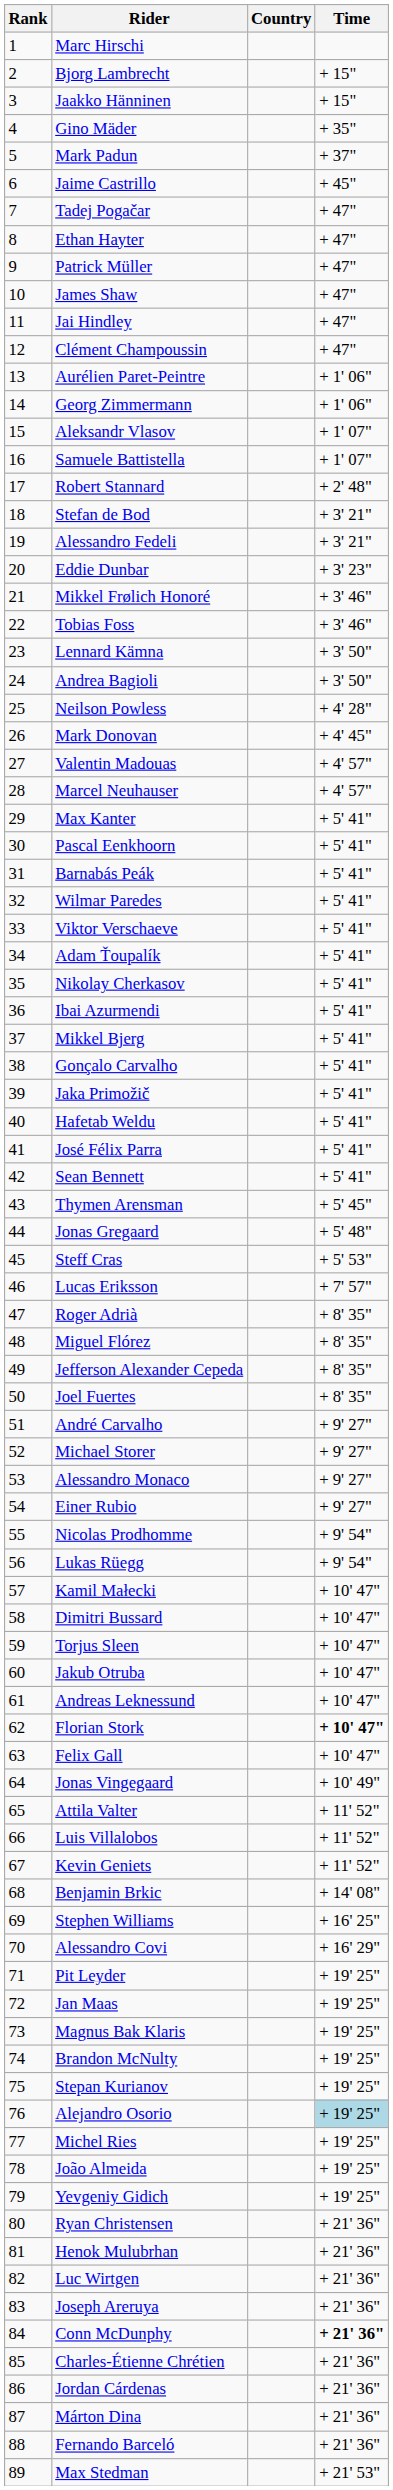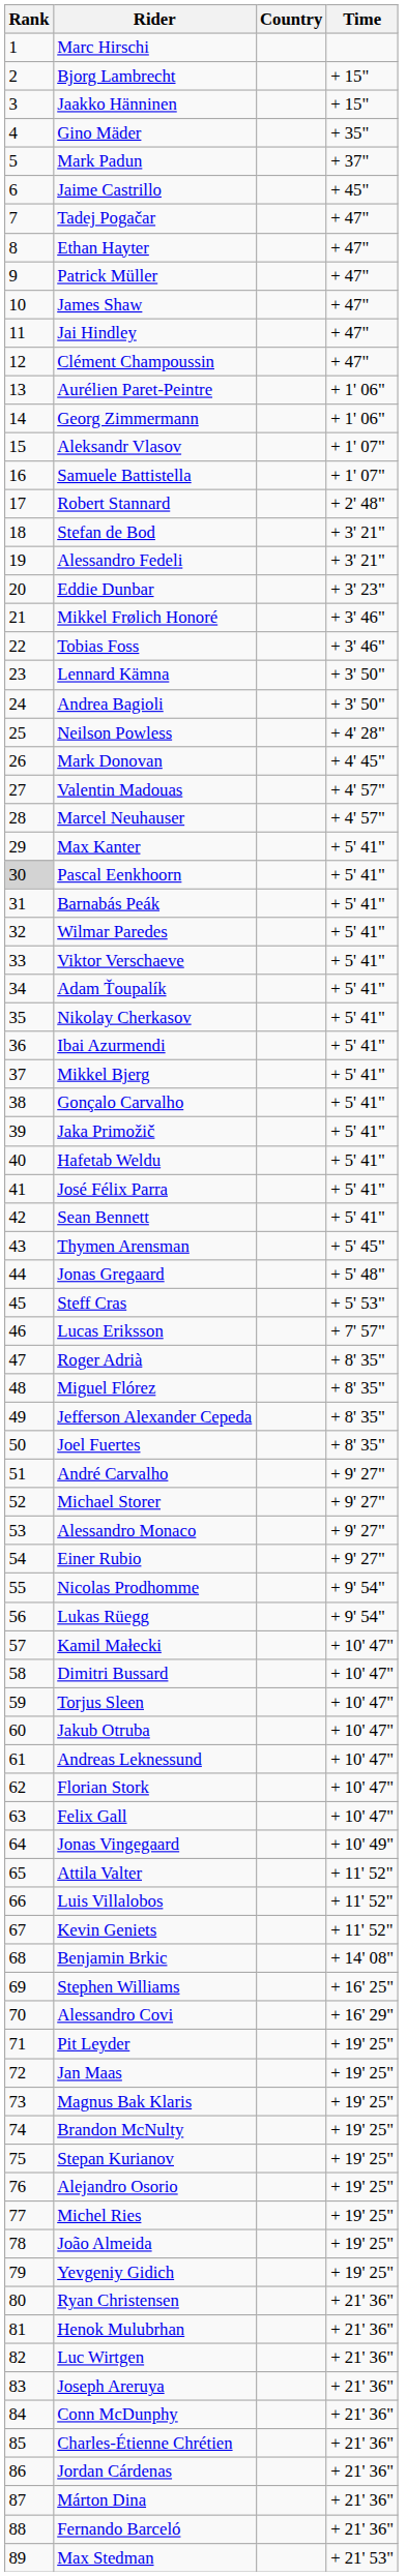 <table class="wikitable" style="font-size:95%; text-align:left;">
 <tr>
 <th>Rank</th>
 <th>Rider</th>
 <th>Country</th>
 <th>Time</th>
 </tr>
 <tr>
 <td>1</td>
 <td><a href='#'>Marc Hirschi</a></td>
 <td></td>
 <td></td>
 </tr>
 <tr>
 <td>2</td>
 <td><a href='#'>Bjorg Lambrecht</a></td>
 <td></td>
 <td>+ 15"</td>
 </tr>
 <tr>
 <td>3</td>
 <td><a href='#'>Jaakko Hänninen</a></td>
 <td></td>
 <td>+ 15"</td>
 </tr>
 <tr>
 <td>4</td>
 <td><a href='#'>Gino Mäder</a></td>
 <td></td>
 <td>+ 35"</td>
 </tr>
 <tr>
 <td>5</td>
 <td><a href='#'>Mark Padun</a></td>
 <td></td>
 <td>+ 37"</td>
 </tr>
 <tr>
 <td>6</td>
 <td><a href='#'>Jaime Castrillo</a></td>
 <td></td>
 <td>+ 45"</td>
 </tr>
 <tr>
 <td>7</td>
 <td><a href='#'>Tadej Pogačar</a></td>
 <td></td>
 <td>+ 47"</td>
 </tr>
 <tr>
 <td>8</td>
 <td><a href='#'>Ethan Hayter</a></td>
 <td></td>
 <td>+ 47"</td>
 </tr>
 <tr>
 <td>9</td>
 <td><a href='#'>Patrick Müller</a></td>
 <td></td>
 <td>+ 47"</td>
 </tr>
 <tr>
 <td>10</td>
 <td><a href='#'>James Shaw</a></td>
 <td></td>
 <td>+ 47"</td>
 </tr>
 <tr>
 <td>11</td>
 <td><a href='#'>Jai Hindley</a></td>
 <td></td>
 <td>+ 47"</td>
 </tr>
 <tr>
 <td>12</td>
 <td><a href='#'>Clément Champoussin</a></td>
 <td></td>
 <td>+ 47"</td>
 </tr>
 <tr>
 <td>13</td>
 <td><a href='#'>Aurélien Paret-Peintre</a></td>
 <td></td>
 <td>+ 1' 06"</td>
 </tr>
 <tr>
 <td>14</td>
 <td><a href='#'>Georg Zimmermann</a></td>
 <td></td>
 <td>+ 1' 06"</td>
 </tr>
 <tr>
 <td>15</td>
 <td><a href='#'>Aleksandr Vlasov</a></td>
 <td></td>
 <td>+ 1' 07"</td>
 </tr>
 <tr>
 <td>16</td>
 <td><a href='#'>Samuele Battistella</a></td>
 <td></td>
 <td>+ 1' 07"</td>
 </tr>
 <tr>
 <td>17</td>
 <td><a href='#'>Robert Stannard</a></td>
 <td></td>
 <td>+ 2' 48"</td>
 </tr>
 <tr>
 <td>18</td>
 <td><a href='#'>Stefan de Bod</a></td>
 <td></td>
 <td>+ 3' 21"</td>
 </tr>
 <tr>
 <td>19</td>
 <td><a href='#'>Alessandro Fedeli</a></td>
 <td></td>
 <td>+ 3' 21"</td>
 </tr>
 <tr>
 <td>20</td>
 <td><a href='#'>Eddie Dunbar</a></td>
 <td></td>
 <td>+ 3' 23"</td>
 </tr>
 <tr>
 <td>21</td>
 <td><a href='#'>Mikkel Frølich Honoré</a></td>
 <td></td>
 <td>+ 3' 46"</td>
 </tr>
 <tr>
 <td>22</td>
 <td><a href='#'>Tobias Foss</a></td>
 <td></td>
 <td>+ 3' 46"</td>
 </tr>
 <tr>
 <td>23</td>
 <td><a href='#'>Lennard Kämna</a></td>
 <td></td>
 <td>+ 3' 50"</td>
 </tr>
 <tr>
 <td>24</td>
 <td><a href='#'>Andrea Bagioli</a></td>
 <td></td>
 <td>+ 3' 50"</td>
 </tr>
 <tr>
 <td>25</td>
 <td><a href='#'>Neilson Powless</a></td>
 <td></td>
 <td>+ 4' 28"</td>
 </tr>
 <tr>
 <td>26</td>
 <td><a href='#'>Mark Donovan</a></td>
 <td></td>
 <td>+ 4' 45"</td>
 </tr>
 <tr>
 <td>27</td>
 <td><a href='#'>Valentin Madouas</a></td>
 <td></td>
 <td>+ 4' 57"</td>
 </tr>
 <tr>
 <td>28</td>
 <td><a href='#'>Marcel Neuhauser</a></td>
 <td></td>
 <td>+ 4' 57"</td>
 </tr>
 <tr>
 <td>29</td>
 <td><a href='#'>Max Kanter</a></td>
 <td></td>
 <td>+ 5' 41"</td>
 </tr>
 <tr>
-<td>30</td>
+<td style="background: lightgrey;">30</td>
 <td><a href='#'>Pascal Eenkhoorn</a></td>
 <td></td>
 <td>+ 5' 41"</td>
 </tr>
 <tr>
 <td>31</td>
 <td><a href='#'>Barnabás Peák</a></td>
 <td></td>
 <td>+ 5' 41"</td>
 </tr>
 <tr>
 <td>32</td>
 <td><a href='#'>Wilmar Paredes</a></td>
 <td></td>
 <td>+ 5' 41"</td>
 </tr>
 <tr>
 <td>33</td>
 <td><a href='#'>Viktor Verschaeve</a></td>
 <td></td>
 <td>+ 5' 41"</td>
 </tr>
 <tr>
 <td>34</td>
 <td><a href='#'>Adam Ťoupalík</a></td>
 <td></td>
 <td>+ 5' 41"</td>
 </tr>
 <tr>
 <td>35</td>
 <td><a href='#'>Nikolay Cherkasov</a></td>
 <td></td>
 <td>+ 5' 41"</td>
 </tr>
 <tr>
 <td>36</td>
 <td><a href='#'>Ibai Azurmendi</a></td>
 <td></td>
 <td>+ 5' 41"</td>
 </tr>
 <tr>
 <td>37</td>
 <td><a href='#'>Mikkel Bjerg</a></td>
 <td></td>
 <td>+ 5' 41"</td>
 </tr>
 <tr>
 <td>38</td>
 <td><a href='#'>Gonçalo Carvalho</a></td>
 <td></td>
 <td>+ 5' 41"</td>
 </tr>
 <tr>
 <td>39</td>
 <td><a href='#'>Jaka Primožič</a></td>
 <td></td>
 <td>+ 5' 41"</td>
 </tr>
 <tr>
 <td>40</td>
 <td><a href='#'>Hafetab Weldu</a></td>
 <td></td>
 <td>+ 5' 41"</td>
 </tr>
 <tr>
 <td>41</td>
 <td><a href='#'>José Félix Parra</a></td>
 <td></td>
 <td>+ 5' 41"</td>
 </tr>
 <tr>
 <td>42</td>
 <td><a href='#'>Sean Bennett</a></td>
 <td></td>
 <td>+ 5' 41"</td>
 </tr>
 <tr>
 <td>43</td>
 <td><a href='#'>Thymen Arensman</a></td>
 <td></td>
 <td>+ 5' 45"</td>
 </tr>
 <tr>
 <td>44</td>
 <td><a href='#'>Jonas Gregaard</a></td>
 <td></td>
 <td>+ 5' 48"</td>
 </tr>
 <tr>
 <td>45</td>
 <td><a href='#'>Steff Cras</a></td>
 <td></td>
 <td>+ 5' 53"</td>
 </tr>
 <tr>
 <td>46</td>
 <td><a href='#'>Lucas Eriksson</a></td>
 <td></td>
 <td>+ 7' 57"</td>
 </tr>
 <tr>
 <td>47</td>
 <td><a href='#'>Roger Adrià</a></td>
 <td></td>
 <td>+ 8' 35"</td>
 </tr>
 <tr>
 <td>48</td>
 <td><a href='#'>Miguel Flórez</a></td>
 <td></td>
 <td>+ 8' 35"</td>
 </tr>
 <tr>
 <td>49</td>
 <td><a href='#'>Jefferson Alexander Cepeda</a></td>
 <td></td>
 <td>+ 8' 35"</td>
 </tr>
 <tr>
 <td>50</td>
 <td><a href='#'>Joel Fuertes</a></td>
 <td></td>
 <td>+ 8' 35"</td>
 </tr>
 <tr>
 <td>51</td>
 <td><a href='#'>André Carvalho</a></td>
 <td></td>
 <td>+ 9' 27"</td>
 </tr>
 <tr>
 <td>52</td>
 <td><a href='#'>Michael Storer</a></td>
 <td></td>
 <td>+ 9' 27"</td>
 </tr>
 <tr>
 <td>53</td>
 <td><a href='#'>Alessandro Monaco</a></td>
 <td></td>
 <td>+ 9' 27"</td>
 </tr>
 <tr>
 <td>54</td>
 <td><a href='#'>Einer Rubio</a></td>
 <td></td>
 <td>+ 9' 27"</td>
 </tr>
 <tr>
 <td>55</td>
 <td><a href='#'>Nicolas Prodhomme</a></td>
 <td></td>
 <td>+ 9' 54"</td>
 </tr>
 <tr>
 <td>56</td>
 <td><a href='#'>Lukas Rüegg</a></td>
 <td></td>
 <td>+ 9' 54"</td>
 </tr>
 <tr>
 <td>57</td>
 <td><a href='#'>Kamil Małecki</a></td>
 <td></td>
 <td>+ 10' 47"</td>
 </tr>
 <tr>
 <td>58</td>
 <td><a href='#'>Dimitri Bussard</a></td>
 <td></td>
 <td>+ 10' 47"</td>
 </tr>
 <tr>
 <td>59</td>
 <td><a href='#'>Torjus Sleen</a></td>
 <td></td>
 <td>+ 10' 47"</td>
 </tr>
 <tr>
 <td>60</td>
 <td><a href='#'>Jakub Otruba</a></td>
 <td></td>
 <td>+ 10' 47"</td>
 </tr>
 <tr>
 <td>61</td>
 <td><a href='#'>Andreas Leknessund</a></td>
 <td></td>
 <td>+ 10' 47"</td>
 </tr>
 <tr>
 <td>62</td>
 <td><a href='#'>Florian Stork</a></td>
 <td></td>
-<td><strong>+ 10' 47"</strong></td>
+<td>+ 10' 47"</td>
 </tr>
 <tr>
 <td>63</td>
 <td><a href='#'>Felix Gall</a></td>
 <td></td>
 <td>+ 10' 47"</td>
 </tr>
 <tr>
 <td>64</td>
 <td><a href='#'>Jonas Vingegaard</a></td>
 <td></td>
 <td>+ 10' 49"</td>
 </tr>
 <tr>
 <td>65</td>
 <td><a href='#'>Attila Valter</a></td>
 <td></td>
 <td>+ 11' 52"</td>
 </tr>
 <tr>
 <td>66</td>
 <td><a href='#'>Luis Villalobos</a></td>
 <td></td>
 <td>+ 11' 52"</td>
 </tr>
 <tr>
 <td>67</td>
 <td><a href='#'>Kevin Geniets</a></td>
 <td></td>
 <td>+ 11' 52"</td>
 </tr>
 <tr>
 <td>68</td>
 <td><a href='#'>Benjamin Brkic</a></td>
 <td></td>
 <td>+ 14' 08"</td>
 </tr>
 <tr>
 <td>69</td>
 <td><a href='#'>Stephen Williams</a></td>
 <td></td>
 <td>+ 16' 25"</td>
 </tr>
 <tr>
 <td>70</td>
 <td><a href='#'>Alessandro Covi</a></td>
 <td></td>
 <td>+ 16' 29"</td>
 </tr>
 <tr>
 <td>71</td>
 <td><a href='#'>Pit Leyder</a></td>
 <td></td>
 <td>+ 19' 25"</td>
 </tr>
 <tr>
 <td>72</td>
 <td><a href='#'>Jan Maas</a></td>
 <td></td>
 <td>+ 19' 25"</td>
 </tr>
 <tr>
 <td>73</td>
 <td><a href='#'>Magnus Bak Klaris</a></td>
 <td></td>
 <td>+ 19' 25"</td>
 </tr>
 <tr>
 <td>74</td>
 <td><a href='#'>Brandon McNulty</a></td>
 <td></td>
 <td>+ 19' 25"</td>
 </tr>
 <tr>
 <td>75</td>
 <td><a href='#'>Stepan Kurianov</a></td>
 <td></td>
 <td>+ 19' 25"</td>
 </tr>
 <tr>
 <td>76</td>
 <td><a href='#'>Alejandro Osorio</a></td>
 <td></td>
-<td style="background: lightblue;">+ 19' 25"</td>
+<td>+ 19' 25"</td>
 </tr>
 <tr>
 <td>77</td>
 <td><a href='#'>Michel Ries</a></td>
 <td></td>
 <td>+ 19' 25"</td>
 </tr>
 <tr>
 <td>78</td>
 <td><a href='#'>João Almeida</a></td>
 <td></td>
 <td>+ 19' 25"</td>
 </tr>
 <tr>
 <td>79</td>
 <td><a href='#'>Yevgeniy Gidich</a></td>
 <td></td>
 <td>+ 19' 25"</td>
 </tr>
 <tr>
 <td>80</td>
 <td><a href='#'>Ryan Christensen</a></td>
 <td></td>
 <td>+ 21' 36"</td>
 </tr>
 <tr>
 <td>81</td>
 <td><a href='#'>Henok Mulubrhan</a></td>
 <td></td>
 <td>+ 21' 36"</td>
 </tr>
 <tr>
 <td>82</td>
 <td><a href='#'>Luc Wirtgen</a></td>
 <td></td>
 <td>+ 21' 36"</td>
 </tr>
 <tr>
 <td>83</td>
 <td><a href='#'>Joseph Areruya</a></td>
 <td></td>
 <td>+ 21' 36"</td>
 </tr>
 <tr>
 <td>84</td>
 <td><a href='#'>Conn McDunphy</a></td>
 <td></td>
-<td><strong>+ 21' 36"</strong></td>
+<td>+ 21' 36"</td>
 </tr>
 <tr>
 <td>85</td>
 <td><a href='#'>Charles-Étienne Chrétien</a></td>
 <td></td>
 <td>+ 21' 36"</td>
 </tr>
 <tr>
 <td>86</td>
 <td><a href='#'>Jordan Cárdenas</a></td>
 <td></td>
 <td>+ 21' 36"</td>
 </tr>
 <tr>
 <td>87</td>
 <td><a href='#'>Márton Dina</a></td>
 <td></td>
 <td>+ 21' 36"</td>
 </tr>
 <tr>
 <td>88</td>
 <td><a href='#'>Fernando Barceló</a></td>
 <td></td>
 <td>+ 21' 36"</td>
 </tr>
 <tr>
 <td>89</td>
 <td><a href='#'>Max Stedman</a></td>
 <td></td>
 <td>+ 21' 53"</td>
 </tr>
 </table>
